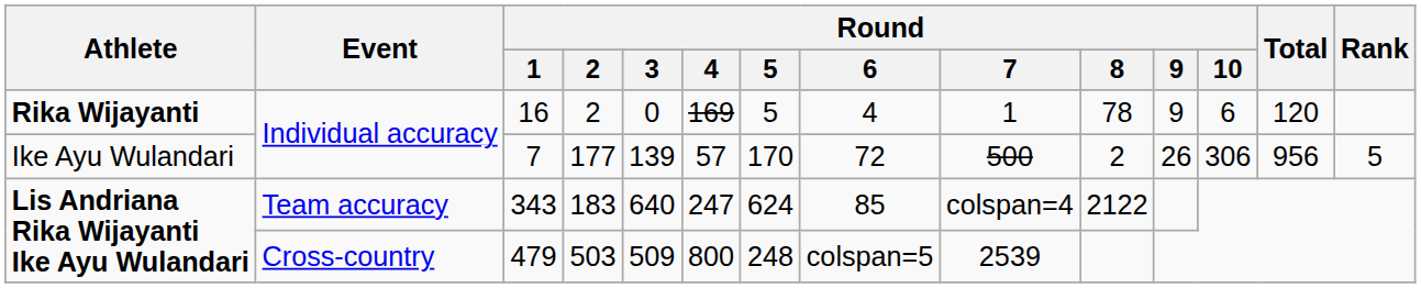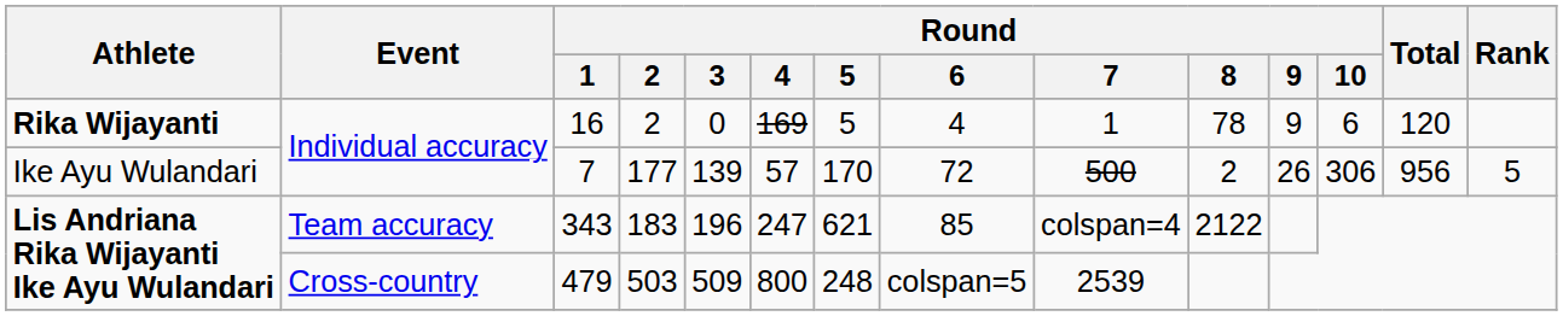 <table class=wikitable style=font-size:90%;text-align:center>
 <tr>
 <th rowspan="2">Athlete</th>
 <th rowspan="2">Event</th>
 <th colspan=10>Round</th>
 <th rowspan=2>Total</th>
 <th rowspan=2>Rank</th>
 </tr>
 <tr style="font-size:95%">
 <th>1</th>
 <th>2</th>
 <th>3</th>
 <th>4</th>
 <th>5</th>
 <th>6</th>
 <th>7</th>
 <th>8</th>
 <th>9</th>
 <th>10</th>
 </tr>
 <tr>
 <td align=left><strong>Rika Wijayanti</strong></td>
 <td align=left rowspan=2><a href='#'>Individual accuracy</a></td>
 <td>16</td>
 <td>2</td>
 <td>0</td>
 <td><s>169</s></td>
 <td>5</td>
 <td>4</td>
 <td>1</td>
 <td>78</td>
 <td>9</td>
 <td>6</td>
 <td>120</td>
 <td></td>
 </tr>
 <tr>
 <td align=left>Ike Ayu Wulandari</td>
 <td>7</td>
 <td>177</td>
 <td>139</td>
 <td>57</td>
 <td>170</td>
 <td>72</td>
 <td><s>500</s></td>
 <td>2</td>
 <td>26</td>
 <td>306</td>
 <td>956</td>
 <td>5</td>
 </tr>
 <tr>
 <td align=left rowspan=2><strong>Lis Andriana<br>Rika Wijayanti<br>Ike Ayu Wulandari</strong></td>
 <td align=left><a href='#'>Team accuracy</a></td>
 <td>343</td>
 <td>183</td>
-<td>640</td>
+<td>196</td>
 <td>247</td>
-<td>624</td>
+<td>621</td>
 <td>85</td>
 <td>colspan=4 </td>
 <td>2122</td>
 <td></td>
 </tr>
 <tr>
 <td align=left><a href='#'>Cross-country</a></td>
 <td>479</td>
 <td>503</td>
 <td>509</td>
 <td>800</td>
 <td>248</td>
 <td>colspan=5 </td>
 <td>2539</td>
 <td></td>
 </tr>
 </table>
